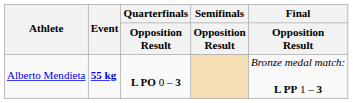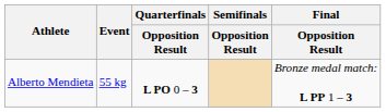 <table class="wikitable" border="1" style="font-size:90%">
 <tr>
 <th rowspan=2>Athlete</th>
 <th rowspan=2>Event</th>
 <th>Quarterfinals</th>
 <th>Semifinals</th>
 <th>Final</th>
 </tr>
 <tr>
 <th>Opposition<br>Result</th>
 <th>Opposition<br>Result</th>
 <th>Opposition<br>Result</th>
 </tr>
 <tr>
 <td><a href='#'>Alberto Mendieta</a></td>
-<td><strong><a href='#'>55 kg</a></strong></td>
+<td><a href='#'>55 kg</a></td>
 <td align=center><br><strong>L PO</strong> 0 – <strong>3</strong></td>
 <td bgcolor=wheat></td>
 <td align=center><em>Bronze medal match:</em><br><br><strong>L PP</strong> 1 – <strong>3</strong></td>
 </tr>
 </table>
